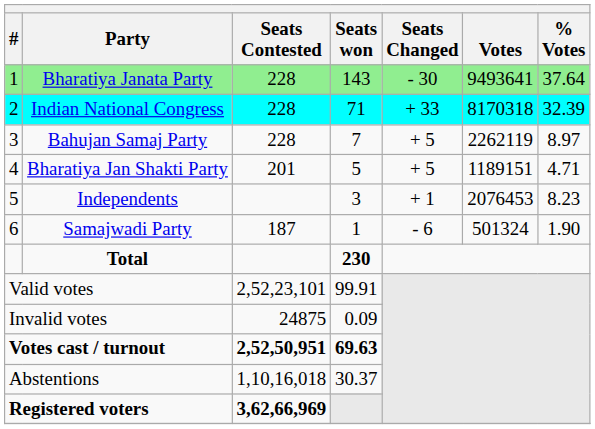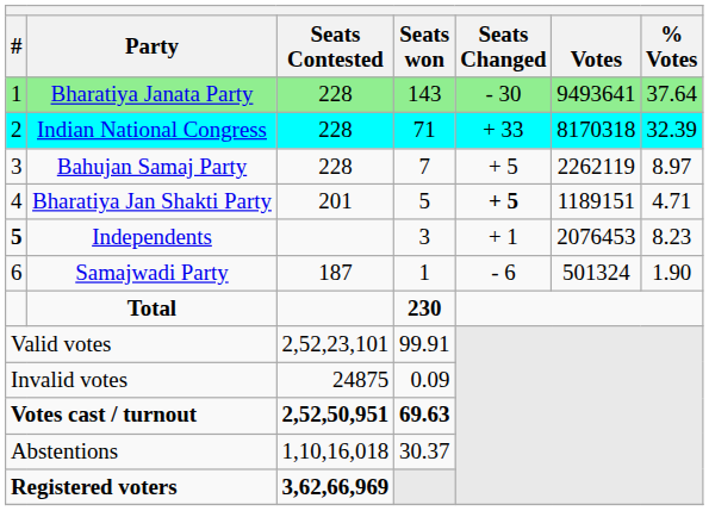 <table class="wikitable sortable" style="text-align:center;">
 <tr>
 <th colspan=10></th>
 </tr>
 <tr>
 <th>#</th>
 <th>Party</th>
 <th>Seats<br>Contested</th>
 <th>Seats<br>won</th>
 <th>Seats<br> Changed</th>
 <th><br>Votes</th>
 <th>%<br>Votes</th>
 </tr>
 <tr style="background: #90EE90;">
 <td>1</td>
 <td><a href='#'>Bharatiya Janata Party</a></td>
 <td>228</td>
 <td>143</td>
 <td>- 30</td>
 <td>9493641</td>
 <td>37.64</td>
 </tr>
 <tr style="background: cyan;">
 <td>2</td>
 <td><a href='#'>Indian National Congress</a></td>
 <td>228</td>
 <td>71</td>
 <td>+ 33</td>
 <td>8170318</td>
 <td>32.39</td>
 </tr>
 <tr>
 <td>3</td>
 <td><a href='#'>Bahujan Samaj Party</a></td>
 <td>228</td>
 <td>7</td>
 <td>+ 5</td>
 <td>2262119</td>
 <td>8.97</td>
 </tr>
 <tr>
 <td>4</td>
 <td><a href='#'>Bharatiya Jan Shakti Party</a></td>
 <td>201</td>
 <td>5</td>
-<td>+ 5</td>
+<td><strong>+ 5</strong></td>
 <td>1189151</td>
 <td>4.71</td>
 </tr>
 <tr>
-<td>5</td>
+<td><strong>5</strong></td>
 <td><a href='#'>Independents</a></td>
 <td></td>
 <td>3</td>
 <td>+ 1</td>
 <td>2076453</td>
 <td>8.23</td>
 </tr>
 <tr>
 <td>6</td>
 <td><a href='#'>Samajwadi Party</a></td>
 <td>187</td>
 <td>1</td>
 <td>- 6</td>
 <td>501324</td>
 <td>1.90</td>
 </tr>
 <tr>
 <td></td>
 <td><strong>Total</strong></td>
 <td></td>
 <td><strong>230</strong></td>
 </tr>
 <tr>
 <td colspan="2" style="text-align:left; ">Valid votes</td>
 <td>2,52,23,101</td>
 <td>99.91</td>
 <td colspan="5" rowspan="5" style="background-color:#E9E9E9"></td>
 </tr>
 <tr style="text-align:right">
 <td colspan="2" style="text-align:left; ">Invalid votes</td>
 <td>24875</td>
 <td>0.09</td>
 </tr>
 <tr style="text-align:right">
 <td colspan="2" style="text-align:left; "><strong>Votes cast / turnout</strong></td>
 <td><strong>2,52,50,951</strong></td>
 <td><strong>69.63</strong></td>
 </tr>
 <tr style="text-align:right">
 <td colspan="2" style="text-align:left; ">Abstentions</td>
 <td>1,10,16,018</td>
 <td>30.37</td>
 </tr>
 <tr style="text-align:right">
 <td colspan="2" style="text-align:left; "><strong>Registered voters</strong></td>
 <td><strong>3,62,66,969 </strong></td>
 <td colspan="1" style="background-color:#E9E9E9"></td>
 </tr>
 <tr>
 </tr>
 </table>
